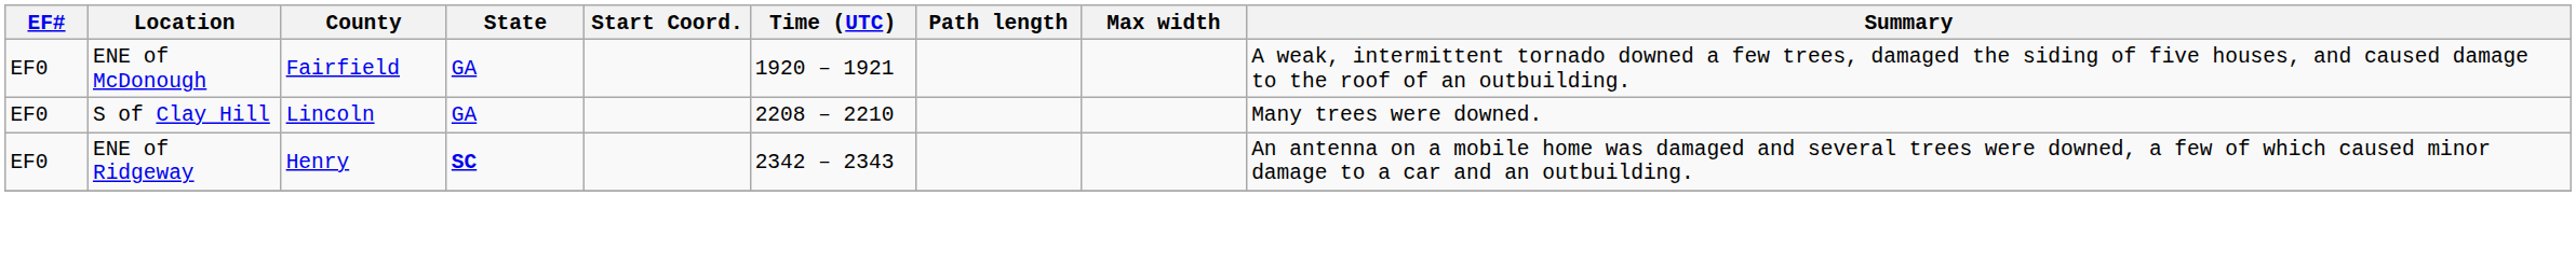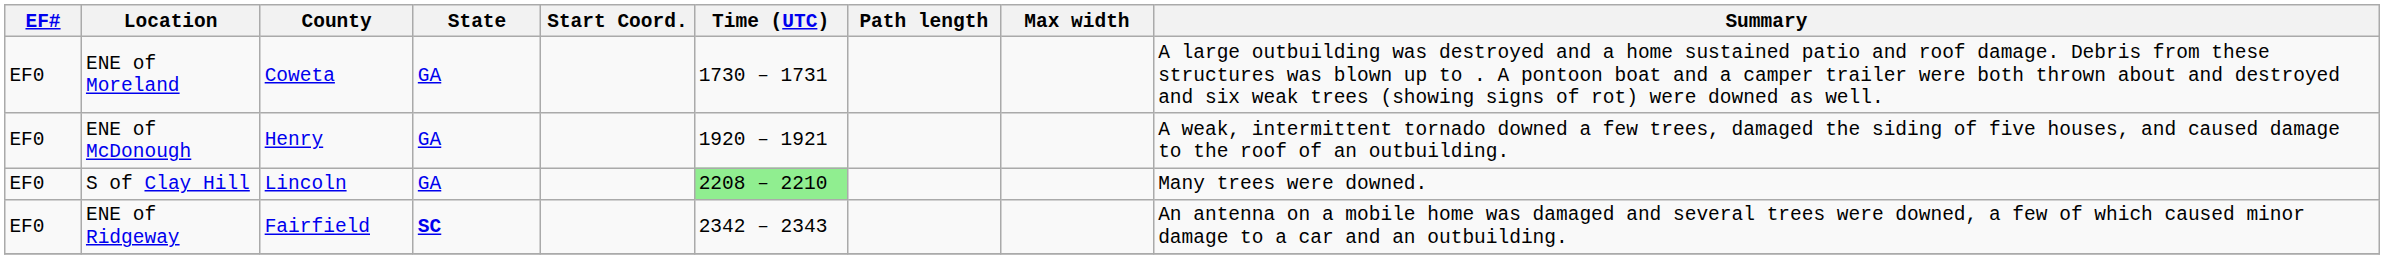 <table class="wikitable sortable" style="width:100%;">
 <tr>
 <th scope="col"  style="width:3%; text-align:center;"><a href='#'>EF#</a></th>
 <th scope="col"  style="width:7%; text-align:center;" class="unsortable">Location</th>
 <th scope="col"  style="width:6%; text-align:center;" class="unsortable">County</th>
 <th scope="col"  style="width:5%; text-align:center;">State</th>
 <th scope="col"  style="width:6%; text-align:center;">Start Coord.</th>
 <th scope="col"  style="width:6%; text-align:center;">Time (<a href='#'>UTC</a>)</th>
 <th scope="col"  style="width:6%; text-align:center;">Path length</th>
 <th scope="col"  style="width:6%; text-align:center;">Max width</th>
 <th scope="col" class="unsortable" style="width:48%; text-align:center;">Summary</th>
 </tr>
 <tr>
 <td>EF0</td>
+<td>ENE of <a href='#'>Moreland</a></td>
+<td><a href='#'>Coweta</a></td>
+<td><a href='#'>GA</a></td>
+<td></td>
+<td>1730 – 1731</td>
+<td></td>
+<td></td>
+<td>A large outbuilding was destroyed and a home sustained patio and roof damage. Debris from these structures was blown up to . A pontoon boat and a camper trailer were both thrown about  and destroyed and six weak trees (showing signs of rot) were downed as well.</td>
+</tr>
+<tr>
+<td>EF0</td>
 <td>ENE of <a href='#'>McDonough</a></td>
-<td><a href='#'>Fairfield</a></td>
+<td><a href='#'>Henry</a></td>
 <td><a href='#'>GA</a></td>
 <td></td>
 <td>1920 – 1921</td>
 <td></td>
 <td></td>
 <td>A weak, intermittent tornado downed a few trees, damaged the siding of five houses, and caused damage to the roof of an outbuilding.</td>
 </tr>
 <tr>
 <td>EF0</td>
 <td>S of <a href='#'>Clay Hill</a></td>
 <td><a href='#'>Lincoln</a></td>
 <td><a href='#'>GA</a></td>
 <td></td>
-<td>2208 – 2210</td>
+<td style="background: lightgreen;">2208 – 2210</td>
 <td></td>
 <td></td>
 <td>Many trees were downed.</td>
 </tr>
 <tr>
 <td>EF0</td>
 <td>ENE of <a href='#'>Ridgeway</a></td>
-<td><a href='#'>Henry</a></td>
+<td><a href='#'>Fairfield</a></td>
 <td><strong><a href='#'>SC</a></strong></td>
 <td></td>
 <td>2342 – 2343</td>
 <td></td>
 <td></td>
 <td>An antenna on a mobile home was damaged and several trees were downed, a few of which caused minor damage to a car and an outbuilding.</td>
 </tr>
 <tr>
 </tr>
 </table>
